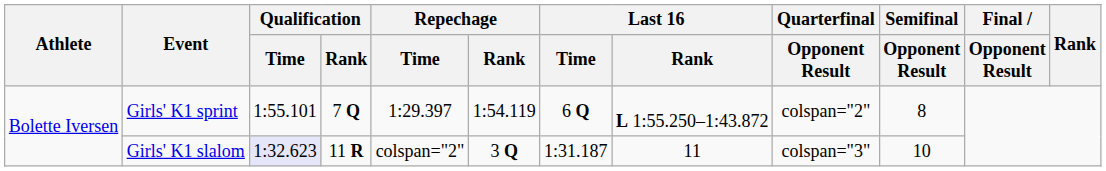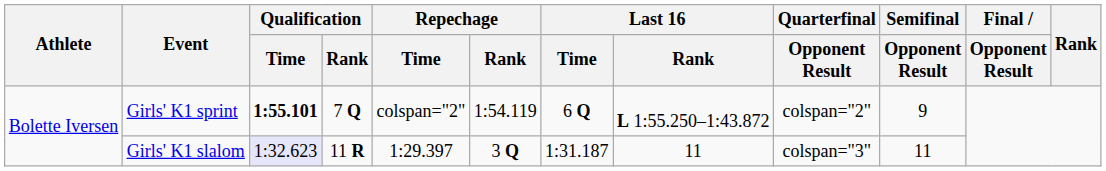 <table class="wikitable" style="font-size:90%; text-align:center;">
 <tr>
 <th rowspan=2>Athlete</th>
 <th rowspan=2>Event</th>
 <th colspan=2>Qualification</th>
 <th colspan=2>Repechage</th>
 <th colspan=2>Last 16</th>
 <th>Quarterfinal</th>
 <th>Semifinal</th>
 <th>Final / </th>
 <th rowspan=2>Rank</th>
 </tr>
 <tr>
 <th>Time</th>
 <th>Rank</th>
 <th>Time</th>
 <th>Rank</th>
 <th>Time</th>
 <th>Rank</th>
 <th>Opponent<br>Result</th>
 <th>Opponent<br>Result</th>
 <th>Opponent<br>Result</th>
 </tr>
 <tr>
 <td rowspan=2 align=left><a href='#'>Bolette Iversen</a></td>
 <td align=left><a href='#'>Girls' K1 sprint</a></td>
-<td>1:55.101</td>
+<td><strong>1:55.101</strong></td>
 <td>7 <strong>Q</strong></td>
-<td>1:29.397</td>
+<td>colspan="2" </td>
 <td>1:54.119</td>
 <td>6 <strong>Q</strong></td>
 <td><br><strong>L</strong> 1:55.250–1:43.872</td>
 <td>colspan="2" </td>
-<td>8</td>
+<td>9</td>
 </tr>
 <tr>
 <td align=left><a href='#'>Girls' K1 slalom</a></td>
 <td style="background: lavender;">1:32.623</td>
 <td>11 <strong>R</strong></td>
-<td>colspan="2" </td>
+<td>1:29.397</td>
 <td>3 <strong>Q</strong></td>
 <td>1:31.187</td>
 <td>11</td>
 <td>colspan="3" </td>
-<td>10</td>
+<td>11</td>
 </tr>
 </table>
